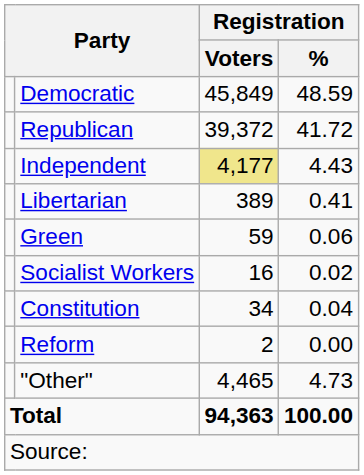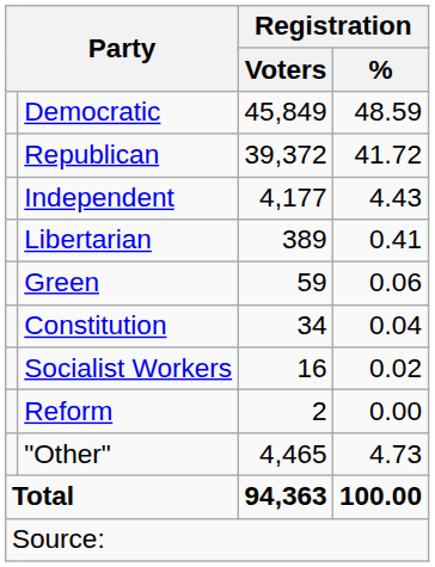 <table class="wikitable">
 <tr>
 <th colspan="2" rowspan="2">Party</th>
 <th colspan="2">Registration</th>
 </tr>
 <tr>
 <th>Voters</th>
 <th>%</th>
 </tr>
 <tr>
 <td style="background-color:"></td>
 <td><a href='#'>Democratic</a></td>
 <td style="text-align:right;">45,849</td>
 <td style="text-align:right;">48.59</td>
 </tr>
 <tr>
 <td style="background-color:"></td>
 <td><a href='#'>Republican</a></td>
 <td style="text-align:right;">39,372</td>
 <td style="text-align:right;">41.72</td>
 </tr>
 <tr>
 <td style="background-color:"></td>
 <td><a href='#'>Independent</a></td>
-<td style="background: khaki; text-align:right;">4,177</td>
+<td style="text-align:right;">4,177</td>
 <td style="text-align:right;">4.43</td>
 </tr>
 <tr>
 <td style="background-color:"></td>
 <td><a href='#'>Libertarian</a></td>
 <td style="text-align:right;">389</td>
 <td style="text-align:right;">0.41</td>
 </tr>
 <tr>
 <td style="background-color:"></td>
 <td><a href='#'>Green</a></td>
 <td style="text-align:right;">59</td>
 <td style="text-align:right;">0.06</td>
 </tr>
 <tr>
 <td style="background-color:"></td>
+<td><a href='#'>Constitution</a></td>
+<td style="text-align:right;">34</td>
+<td style="text-align:right;">0.04</td>
+</tr>
+<tr>
+<td style="background-color:"></td>
 <td><a href='#'>Socialist Workers</a></td>
 <td style="text-align:right;">16</td>
 <td style="text-align:right;">0.02</td>
-</tr>
-<tr>
-<td style="background-color:"></td>
-<td><a href='#'>Constitution</a></td>
-<td style="text-align:right;">34</td>
-<td style="text-align:right;">0.04</td>
 </tr>
 <tr>
 <td style="background-color:"></td>
 <td><a href='#'>Reform</a></td>
 <td style="text-align:right;">2</td>
 <td style="text-align:right;">0.00</td>
 </tr>
 <tr>
 <td></td>
 <td>"Other"</td>
 <td style="text-align:right;">4,465</td>
 <td style="text-align:right;">4.73</td>
 </tr>
 <tr>
 <td colspan="2"><strong>Total</strong></td>
 <td style="text-align:right;"><strong>94,363</strong></td>
 <td style="text-align:right;"><strong>100.00</strong></td>
 </tr>
 <tr>
 <td colspan="4">Source: <em></em></td>
 </tr>
 </table>
